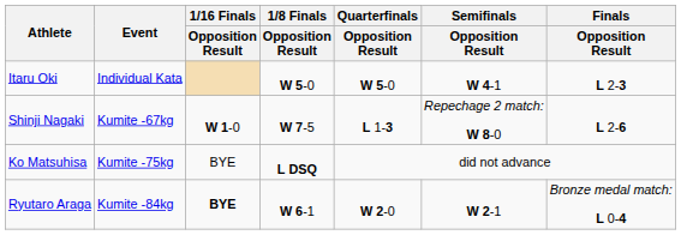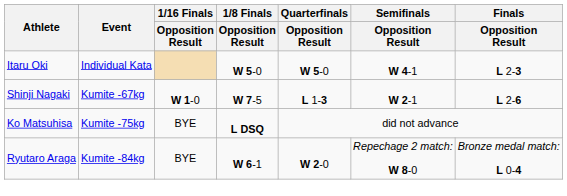 <table class=wikitable style="font-size:90%">
 <tr>
 <th rowspan=2>Athlete</th>
 <th rowspan=2>Event</th>
 <th>1/16 Finals</th>
 <th>1/8 Finals</th>
 <th>Quarterfinals</th>
 <th>Semifinals</th>
 <th>Finals</th>
 </tr>
 <tr>
 <th>Opposition<br>Result</th>
 <th>Opposition<br>Result</th>
 <th>Opposition<br>Result</th>
 <th>Opposition<br>Result</th>
 <th>Opposition<br>Result</th>
 </tr>
 <tr>
 <td><a href='#'>Itaru Oki</a></td>
 <td><a href='#'>Individual Kata</a></td>
 <td style="background:wheat;"></td>
 <td align=center><br><strong>W</strong> <strong>5</strong>-0</td>
 <td align=center><br><strong>W</strong> <strong>5</strong>-0</td>
 <td align=center><br><strong>W</strong> <strong>4</strong>-1</td>
 <td align=center><br><strong>L</strong> 2-<strong>3</strong><br></td>
 </tr>
 <tr>
 <td><a href='#'>Shinji Nagaki</a></td>
 <td><a href='#'>Kumite -67kg</a></td>
 <td align=center><br><strong>W</strong> <strong>1</strong>-0</td>
 <td align=center><br><strong>W</strong> <strong>7</strong>-5</td>
 <td align=center><br><strong>L</strong> 1-<strong>3</strong></td>
-<td align=center><em>Repechage 2 match:</em><br><br><strong>W</strong> <strong>8</strong>-0</td>
+<td align=center><br><strong>W</strong> <strong>2</strong>-1</td>
 <td align=center><br><strong>L</strong> 2-<strong>6</strong><br></td>
 </tr>
 <tr>
 <td><a href='#'>Ko Matsuhisa</a></td>
 <td><a href='#'>Kumite -75kg</a></td>
 <td align=center>BYE</td>
 <td align=center><br><strong>L</strong> <strong>DSQ</strong></td>
 <td align=center colspan="7">did not advance</td>
 </tr>
 <tr>
 <td><a href='#'>Ryutaro Araga</a></td>
 <td><a href='#'>Kumite -84kg</a></td>
-<td align=center><strong>BYE</strong></td>
+<td align=center>BYE</td>
 <td align=center><br><strong>W</strong> <strong>6</strong>-1</td>
 <td align=center><br><strong>W</strong> <strong>2</strong>-0</td>
-<td align=center><br><strong>W</strong> <strong>2</strong>-1</td>
+<td align=center><em>Repechage 2 match:</em><br><br><strong>W</strong> <strong>8</strong>-0</td>
 <td align=center><em>Bronze medal match:</em><br><br><strong>L</strong> 0-<strong>4</strong></td>
 </tr>
 </table>
